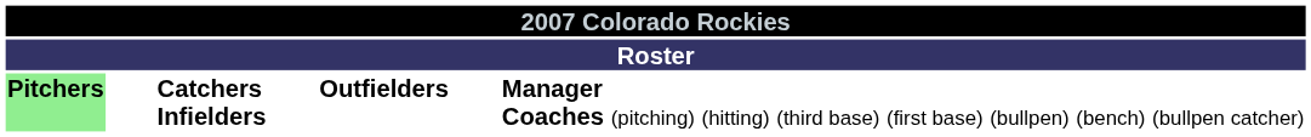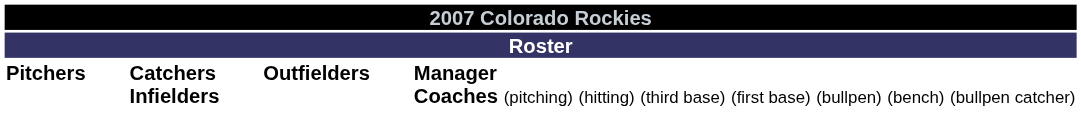 <table class="toccolours" style="font-size: 95%;">
 <tr>
 <th colspan="10" style="background:#000000; color:#C4CED4; text-align:center;">2007 Colorado Rockies</th>
 </tr>
 <tr>
 <td colspan="10" style="background:#333366; color:#FFFFFF; text-align:center;"><strong>Roster</strong></td>
 </tr>
 <tr>
-<td valign="top" style="background: lightgreen;"><strong>Pitchers</strong><br>                                   </td>
+<td valign="top"><strong>Pitchers</strong><br>                                   </td>
 <td style="width:25px;"></td>
 <td valign="top"><strong>Catchers</strong><br>    <strong>Infielders</strong>             </td>
 <td style="width:25px;"></td>
 <td valign="top"><strong>Outfielders</strong><br>       </td>
 <td style="width:25px;"></td>
 <td valign="top"><strong>Manager</strong><br> <strong>Coaches</strong>  <small>(pitching)</small>  <small>(hitting)</small>  <small>(third base)</small>  <small>(first base)</small>  <small>(bullpen)</small>  <small>(bench)</small>  <small>(bullpen catcher)</small></td>
 </tr>
 </table>
